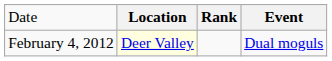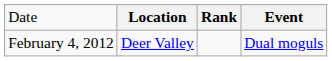 <table class="wikitable sortable" style="font-size:90%" style="text-align:center">
 <tr>
 <td>Date</td>
 <th>Location</th>
 <th>Rank</th>
 <th>Event</th>
 </tr>
 <tr>
 <td>February 4, 2012</td>
-<td style="background: lightyellow;"><a href='#'>Deer Valley</a></td>
+<td><a href='#'>Deer Valley</a></td>
 <td></td>
 <td><a href='#'>Dual moguls</a></td>
 </tr>
 </table>
